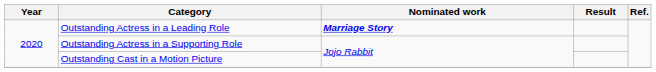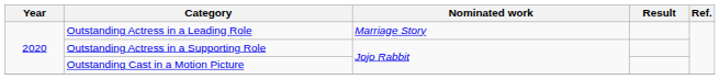 <table class=wikitable>
 <tr>
 <th scope="col" style="width:5em;">Year</th>
 <th scope="col" style="width:26em;">Category</th>
 <th scope="col" style="width:25em;">Nominated work</th>
 <th scope="col" style="width:5em;">Result</th>
 <th>Ref.</th>
 </tr>
 <tr>
 <td style="text-align:center;", rowspan="3"><a href='#'>2020</a></td>
 <td><a href='#'>Outstanding Actress in a Leading Role</a></td>
-<td><strong><em><a href='#'>Marriage Story</a></em></strong></td>
+<td><em><a href='#'>Marriage Story</a></em></td>
 <td></td>
 <td style="text-align:center;" rowspan="3"></td>
 </tr>
 <tr>
 <td><a href='#'>Outstanding Actress in a Supporting Role</a></td>
 <td rowspan="2"><em><a href='#'>Jojo Rabbit</a></em></td>
 <td></td>
 </tr>
 <tr>
 <td><a href='#'>Outstanding Cast in a Motion Picture</a></td>
 <td></td>
 </tr>
 <tr>
 </tr>
 </table>
